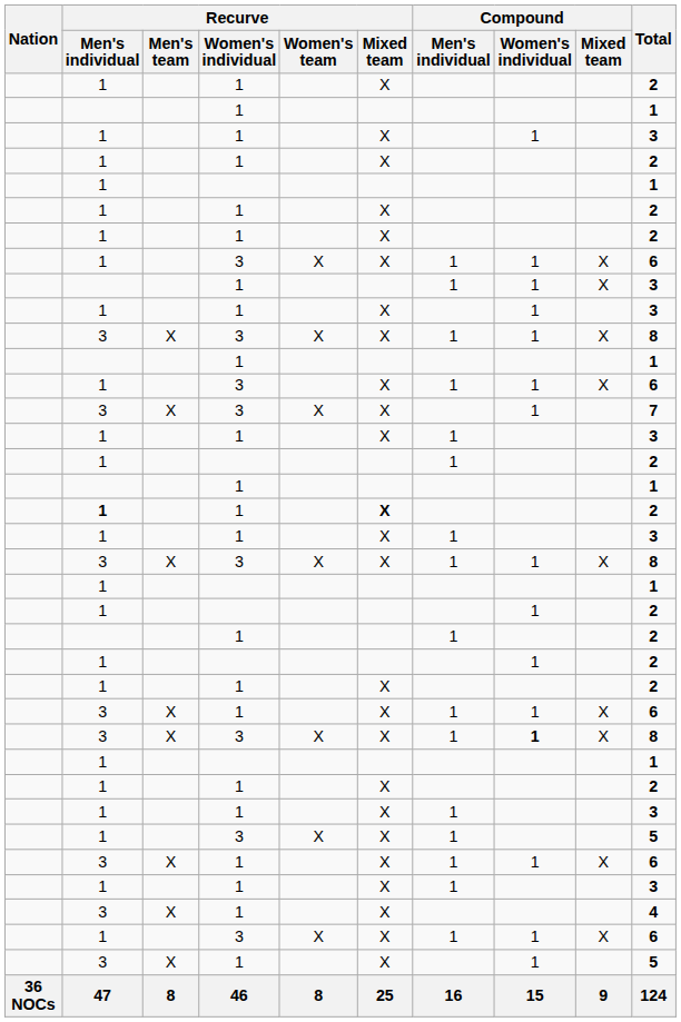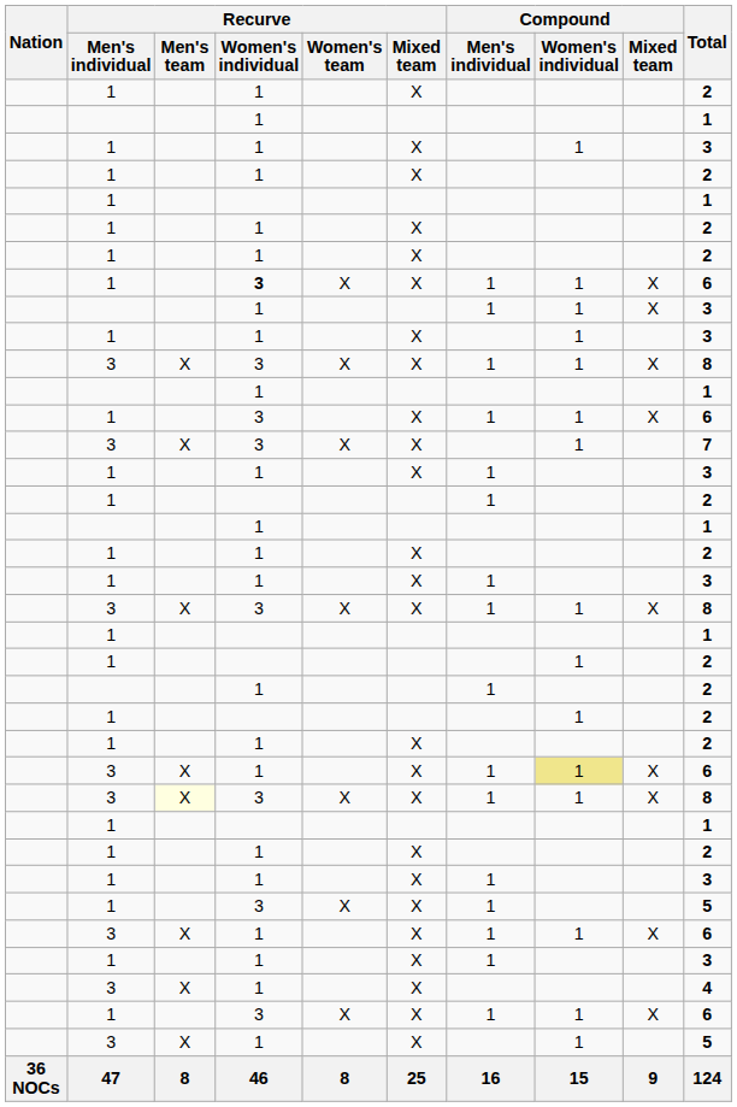 <table class="wikitable mw-collapsible mw-collapsed" style="text-align:center; font-size:90%">
 <tr>
 <th rowspan=2 align=left>Nation</th>
 <th colspan=5>Recurve</th>
 <th colspan=3>Compound</th>
 <th rowspan=2>Total</th>
 </tr>
 <tr>
 <th width=65>Men's<br>individual</th>
 <th width=65>Men's<br>team</th>
 <th width=65>Women's<br>individual</th>
 <th width=65>Women's<br>team</th>
 <th width=65>Mixed<br>team</th>
 <th width=65>Men's<br>individual</th>
 <th width=65>Women's<br>individual</th>
 <th width=65>Mixed<br>team</th>
 </tr>
 <tr>
 <td align=left></td>
 <td>1</td>
 <td></td>
 <td>1</td>
 <td></td>
 <td>X</td>
 <td></td>
 <td></td>
 <td></td>
 <td><strong>2</strong></td>
 </tr>
 <tr>
 <td align=left></td>
 <td></td>
 <td></td>
 <td>1</td>
 <td></td>
 <td></td>
 <td></td>
 <td></td>
 <td></td>
 <td><strong>1</strong></td>
 </tr>
 <tr>
 <td align=left></td>
 <td>1</td>
 <td></td>
 <td>1</td>
 <td></td>
 <td>X</td>
 <td></td>
 <td>1</td>
 <td></td>
 <td><strong>3</strong></td>
 </tr>
 <tr>
 <td align=left></td>
 <td>1</td>
 <td></td>
 <td>1</td>
 <td></td>
 <td>X</td>
 <td></td>
 <td></td>
 <td></td>
 <td><strong>2</strong></td>
 </tr>
 <tr>
 <td align=left></td>
 <td>1</td>
 <td></td>
 <td></td>
 <td></td>
 <td></td>
 <td></td>
 <td></td>
 <td></td>
 <td><strong>1</strong></td>
 </tr>
 <tr>
 <td align=left></td>
 <td>1</td>
 <td></td>
 <td>1</td>
 <td></td>
 <td>X</td>
 <td></td>
 <td></td>
 <td></td>
 <td><strong>2</strong></td>
 </tr>
 <tr>
 <td align=left></td>
 <td>1</td>
 <td></td>
 <td>1</td>
 <td></td>
 <td>X</td>
 <td></td>
 <td></td>
 <td></td>
 <td><strong>2</strong></td>
 </tr>
 <tr>
 <td align=left></td>
 <td>1</td>
 <td></td>
-<td>3</td>
+<td><strong>3</strong></td>
 <td>X</td>
 <td>X</td>
 <td>1</td>
 <td>1</td>
 <td>X</td>
 <td><strong>6</strong></td>
 </tr>
 <tr>
 <td align=left></td>
 <td></td>
 <td></td>
 <td>1</td>
 <td></td>
 <td></td>
 <td>1</td>
 <td>1</td>
 <td>X</td>
 <td><strong>3</strong></td>
 </tr>
 <tr>
 <td align=left></td>
 <td>1</td>
 <td></td>
 <td>1</td>
 <td></td>
 <td>X</td>
 <td></td>
 <td>1</td>
 <td></td>
 <td><strong>3</strong></td>
 </tr>
 <tr>
 <td align=left></td>
 <td>3</td>
 <td>X</td>
 <td>3</td>
 <td>X</td>
 <td>X</td>
 <td>1</td>
 <td>1</td>
 <td>X</td>
 <td><strong>8</strong></td>
 </tr>
 <tr>
 <td align=left></td>
 <td></td>
 <td></td>
 <td>1</td>
 <td></td>
 <td></td>
 <td></td>
 <td></td>
 <td></td>
 <td><strong>1</strong></td>
 </tr>
 <tr>
 <td align=left></td>
 <td>1</td>
 <td></td>
 <td>3</td>
 <td></td>
 <td>X</td>
 <td>1</td>
 <td>1</td>
 <td>X</td>
 <td><strong>6</strong></td>
 </tr>
 <tr>
 <td align=left></td>
 <td>3</td>
 <td>X</td>
 <td>3</td>
 <td>X</td>
 <td>X</td>
 <td></td>
 <td>1</td>
 <td></td>
 <td><strong>7</strong></td>
 </tr>
 <tr>
 <td align=left></td>
 <td>1</td>
 <td></td>
 <td>1</td>
 <td></td>
 <td>X</td>
 <td>1</td>
 <td></td>
 <td></td>
 <td><strong>3</strong></td>
 </tr>
 <tr>
 <td align=left></td>
 <td>1</td>
 <td></td>
 <td></td>
 <td></td>
 <td></td>
 <td>1</td>
 <td></td>
 <td></td>
 <td><strong>2</strong></td>
 </tr>
 <tr>
 <td align=left></td>
 <td></td>
 <td></td>
 <td>1</td>
 <td></td>
 <td></td>
 <td></td>
 <td></td>
 <td></td>
 <td><strong>1</strong></td>
 </tr>
 <tr>
 <td align=left></td>
-<td><strong>1</strong></td>
+<td>1</td>
 <td></td>
 <td>1</td>
 <td></td>
-<td><strong>X</strong></td>
+<td>X</td>
 <td></td>
 <td></td>
 <td></td>
 <td><strong>2</strong></td>
 </tr>
 <tr>
 <td align=left></td>
 <td>1</td>
 <td></td>
 <td>1</td>
 <td></td>
 <td>X</td>
 <td>1</td>
 <td></td>
 <td></td>
 <td><strong>3</strong></td>
 </tr>
 <tr>
 <td align=left></td>
 <td>3</td>
 <td>X</td>
 <td>3</td>
 <td>X</td>
 <td>X</td>
 <td>1</td>
 <td>1</td>
 <td>X</td>
 <td><strong>8</strong></td>
 </tr>
 <tr>
 <td align=left></td>
 <td>1</td>
 <td></td>
 <td></td>
 <td></td>
 <td></td>
 <td></td>
 <td></td>
 <td></td>
 <td><strong>1</strong></td>
 </tr>
 <tr>
 <td align=left></td>
 <td>1</td>
 <td></td>
 <td></td>
 <td></td>
 <td></td>
 <td></td>
 <td>1</td>
 <td></td>
 <td><strong>2</strong></td>
 </tr>
 <tr>
 <td align=left></td>
 <td></td>
 <td></td>
 <td>1</td>
 <td></td>
 <td></td>
 <td>1</td>
 <td></td>
 <td></td>
 <td><strong>2</strong></td>
 </tr>
 <tr>
 <td align=left></td>
 <td>1</td>
 <td></td>
 <td></td>
 <td></td>
 <td></td>
 <td></td>
 <td>1</td>
 <td></td>
 <td><strong>2</strong></td>
 </tr>
 <tr>
 <td align=left></td>
 <td>1</td>
 <td></td>
 <td>1</td>
 <td></td>
 <td>X</td>
 <td></td>
 <td></td>
 <td></td>
 <td><strong>2</strong></td>
 </tr>
 <tr>
 <td align=left></td>
 <td>3</td>
 <td>X</td>
 <td>1</td>
 <td></td>
 <td>X</td>
 <td>1</td>
-<td>1</td>
+<td style="background: khaki;">1</td>
 <td>X</td>
 <td><strong>6</strong></td>
 </tr>
 <tr>
 <td align=left></td>
 <td>3</td>
-<td>X</td>
+<td style="background: lightyellow;">X</td>
 <td>3</td>
 <td>X</td>
 <td>X</td>
 <td>1</td>
-<td><strong>1</strong></td>
+<td>1</td>
 <td>X</td>
 <td><strong>8</strong></td>
 </tr>
 <tr>
 <td align=left></td>
 <td>1</td>
 <td></td>
 <td></td>
 <td></td>
 <td></td>
 <td></td>
 <td></td>
 <td></td>
 <td><strong>1</strong></td>
 </tr>
 <tr>
 <td align=left></td>
 <td>1</td>
 <td></td>
 <td>1</td>
 <td></td>
 <td>X</td>
 <td></td>
 <td></td>
 <td></td>
 <td><strong>2</strong></td>
 </tr>
 <tr>
 <td align=left></td>
 <td>1</td>
 <td></td>
 <td>1</td>
 <td></td>
 <td>X</td>
 <td>1</td>
 <td></td>
 <td></td>
 <td><strong>3</strong></td>
 </tr>
 <tr>
 <td align=left></td>
 <td>1</td>
 <td></td>
 <td>3</td>
 <td>X</td>
 <td>X</td>
 <td>1</td>
 <td></td>
 <td></td>
 <td><strong>5</strong></td>
 </tr>
 <tr>
 <td align=left></td>
 <td>3</td>
 <td>X</td>
 <td>1</td>
 <td></td>
 <td>X</td>
 <td>1</td>
 <td>1</td>
 <td>X</td>
 <td><strong>6</strong></td>
 </tr>
 <tr>
 <td align=left></td>
 <td>1</td>
 <td></td>
 <td>1</td>
 <td></td>
 <td>X</td>
 <td>1</td>
 <td></td>
 <td></td>
 <td><strong>3</strong></td>
 </tr>
 <tr>
 <td align=left></td>
 <td>3</td>
 <td>X</td>
 <td>1</td>
 <td></td>
 <td>X</td>
 <td></td>
 <td></td>
 <td></td>
 <td><strong>4</strong></td>
 </tr>
 <tr>
 <td align=left></td>
 <td>1</td>
 <td></td>
 <td>3</td>
 <td>X</td>
 <td>X</td>
 <td>1</td>
 <td>1</td>
 <td>X</td>
 <td><strong>6</strong></td>
 </tr>
 <tr>
 <td align=left></td>
 <td>3</td>
 <td>X</td>
 <td>1</td>
 <td></td>
 <td>X</td>
 <td></td>
 <td>1</td>
 <td></td>
 <td><strong>5</strong></td>
 </tr>
 <tr>
 <th>36 NOCs</th>
 <th>47</th>
 <th>8</th>
 <th>46</th>
 <th>8</th>
 <th>25</th>
 <th>16</th>
 <th>15</th>
 <th>9</th>
 <th>124</th>
 </tr>
 </table>
